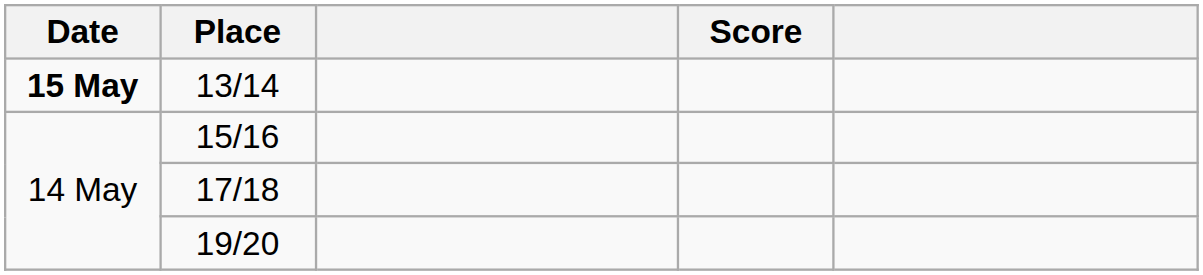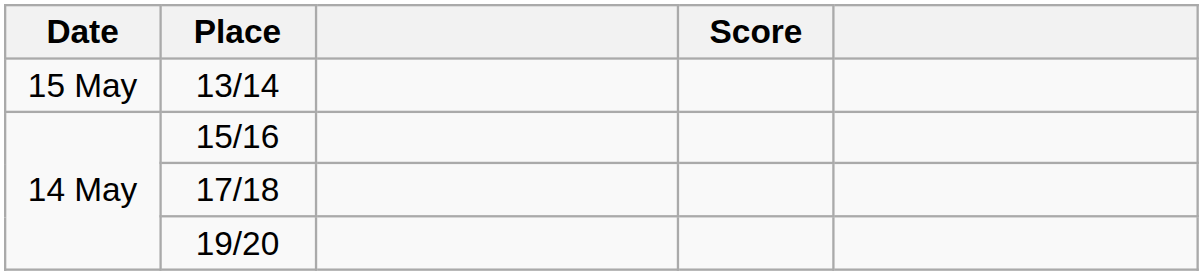 <table class="wikitable" style="text-align: center; font-size:90% ">
 <tr>
 <th width="60">Date</th>
 <th width="60">Place</th>
 <th align="right" width="150"></th>
 <th width="60">Score</th>
 <th align="left" width="150"></th>
 </tr>
 <tr>
-<td><strong>15 May</strong></td>
+<td>15 May</td>
 <td>13/14</td>
 <td align=left></td>
 <td align=center></td>
 <td align=left><strong></strong></td>
 </tr>
 <tr>
 <td rowspan=3>14 May</td>
 <td>15/16</td>
 <td align=left></td>
 <td align=center></td>
 <td align=left><strong></strong></td>
 </tr>
 <tr>
 <td>17/18</td>
 <td align=left><strong></strong></td>
 <td align=center></td>
 <td align=left></td>
 </tr>
 <tr>
 <td>19/20</td>
 <td align=left><strong></strong></td>
 <td align=center></td>
 <td align=left></td>
 </tr>
 </table>
